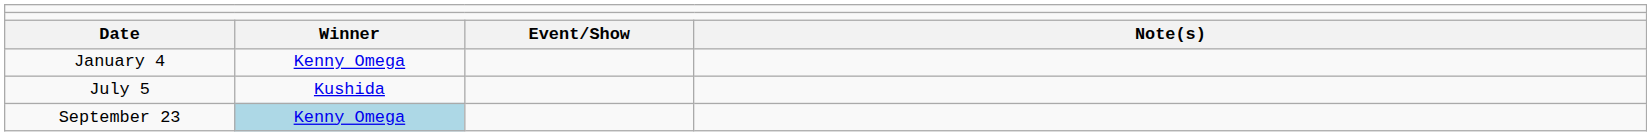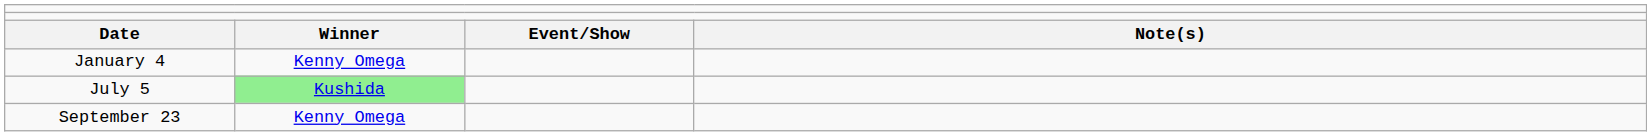 <table class="wikitable" style="text-align:center; width:100%;">
 <tr>
 <td colspan="5"></td>
 </tr>
 <tr>
 <td colspan="5"><strong></strong></td>
 </tr>
 <tr>
 <th width=14%>Date</th>
 <th width=14%>Winner</th>
 <th width=14%>Event/Show</th>
 <th width=58%>Note(s)</th>
 </tr>
 <tr>
 <td>January 4</td>
 <td><a href='#'>Kenny Omega</a></td>
 <td></td>
 <td align=left></td>
 </tr>
 <tr>
 <td>July 5</td>
-<td><a href='#'>Kushida</a></td>
+<td style="background: lightgreen;"><a href='#'>Kushida</a></td>
 <td></td>
 <td align=left></td>
 </tr>
 <tr>
 <td>September 23</td>
-<td style="background: lightblue;"><a href='#'>Kenny Omega</a></td>
+<td><a href='#'>Kenny Omega</a></td>
 <td></td>
 <td align=left></td>
 </tr>
 </table>
